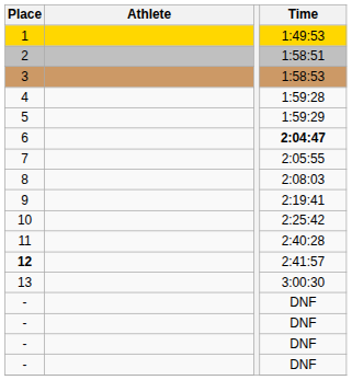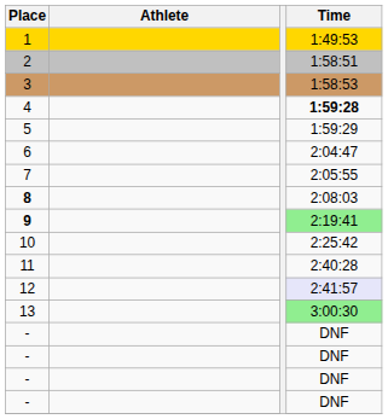 <table class="wikitable" style="text-align:center">
 <tr>
 <th>Place</th>
 <th width=250>Athlete</th>
 <th rowspan=27></th>
 <th width=100>Time</th>
 </tr>
 <tr bgcolor=gold>
 <td>1</td>
 <td align=left></td>
 <td>1:49:53</td>
 </tr>
 <tr bgcolor=silver>
 <td>2</td>
 <td align=left></td>
 <td>1:58:51</td>
 </tr>
 <tr bgcolor=cc9966>
 <td>3</td>
 <td align=left></td>
 <td>1:58:53</td>
 </tr>
 <tr>
 <td>4</td>
 <td align=left></td>
-<td>1:59:28</td>
+<td><strong>1:59:28</strong></td>
 </tr>
 <tr>
 <td>5</td>
 <td align=left></td>
 <td>1:59:29</td>
 </tr>
 <tr>
 <td>6</td>
 <td align=left></td>
-<td><strong>2:04:47</strong></td>
+<td>2:04:47</td>
 </tr>
 <tr>
 <td>7</td>
 <td align=left></td>
 <td>2:05:55</td>
 </tr>
 <tr>
-<td>8</td>
+<td><strong>8</strong></td>
 <td align=left></td>
 <td>2:08:03</td>
 </tr>
 <tr>
-<td>9</td>
+<td><strong>9</strong></td>
 <td align=left></td>
-<td>2:19:41</td>
+<td style="background: lightgreen;">2:19:41</td>
 </tr>
 <tr>
 <td>10</td>
 <td align=left></td>
 <td>2:25:42</td>
 </tr>
 <tr>
 <td>11</td>
 <td align=left></td>
 <td>2:40:28</td>
 </tr>
 <tr>
-<td><strong>12</strong></td>
+<td>12</td>
 <td align=left></td>
-<td>2:41:57</td>
+<td style="background: lavender;">2:41:57</td>
 </tr>
 <tr>
 <td>13</td>
 <td align=left></td>
-<td>3:00:30</td>
+<td style="background: lightgreen;">3:00:30</td>
 </tr>
 <tr>
 <td>-</td>
 <td align=left></td>
 <td>DNF</td>
 </tr>
 <tr>
 <td>-</td>
 <td align=left></td>
 <td>DNF</td>
 </tr>
 <tr>
 <td>-</td>
 <td align=left></td>
 <td>DNF</td>
 </tr>
 <tr>
 <td>-</td>
 <td align=left></td>
 <td>DNF</td>
 </tr>
 <tr>
 </tr>
 </table>
